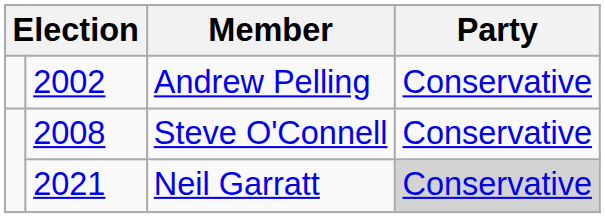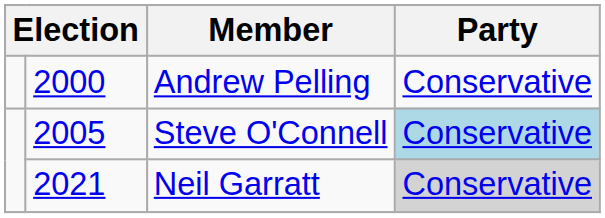 <table class="wikitable">
 <tr>
 <th colspan="2">Election</th>
 <th>Member</th>
 <th>Party</th>
 </tr>
 <tr>
 <td style="background-color: "></td>
-<td><a href='#'>2002</a></td>
+<td><a href='#'>2000</a></td>
 <td><a href='#'>Andrew Pelling</a></td>
 <td><a href='#'>Conservative</a></td>
 </tr>
 <tr>
 <td rowspan="2" style="background-color: "></td>
-<td><a href='#'>2008</a></td>
+<td><a href='#'>2005</a></td>
 <td><a href='#'>Steve O'Connell</a></td>
-<td><a href='#'>Conservative</a></td>
+<td style="background: lightblue;"><a href='#'>Conservative</a></td>
 </tr>
 <tr>
 <td><a href='#'>2021</a></td>
 <td><a href='#'>Neil Garratt</a></td>
 <td style="background: lightgrey;"><a href='#'>Conservative</a></td>
 </tr>
 </table>
